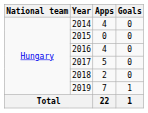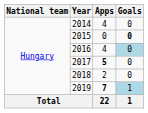 <table class="wikitable" style="text-align:center">
 <tr>
 <th>National team</th>
 <th>Year</th>
 <th>Apps</th>
 <th>Goals</th>
 </tr>
 <tr>
 <td rowspan="6"><a href='#'>Hungary</a></td>
 <td>2014</td>
 <td>4</td>
 <td>0</td>
 </tr>
 <tr>
 <td>2015</td>
 <td>0</td>
-<td>0</td>
+<td><strong>0</strong></td>
 </tr>
 <tr>
 <td>2016</td>
 <td>4</td>
-<td>0</td>
+<td style="background: lightblue;">0</td>
 </tr>
 <tr>
 <td>2017</td>
-<td>5</td>
+<td><strong>5</strong></td>
 <td>0</td>
 </tr>
 <tr>
 <td>2018</td>
 <td>2</td>
 <td>0</td>
 </tr>
 <tr>
 <td>2019</td>
-<td>7</td>
-<td>1</td>
+<td><strong>7</strong></td>
+<td style="background: lightblue;">1</td>
 </tr>
 <tr>
 <th colspan="2">Total</th>
 <th>22</th>
 <th>1</th>
 </tr>
 </table>
